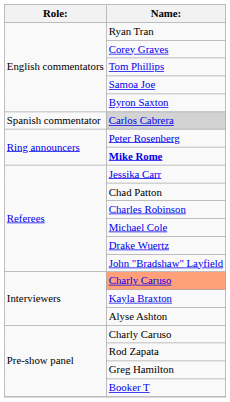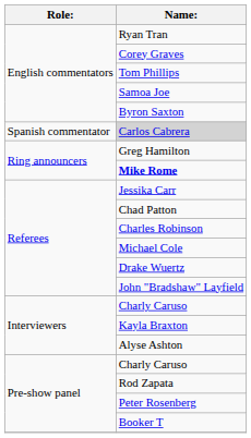 <table class=wikitable style="font-size:90%; margin: 0.5em 0 0.5em 1em; float: right; clear: right;">
 <tr>
 <th>Role:</th>
 <th>Name:</th>
 </tr>
 <tr>
 <td rowspan=5>English commentators</td>
 <td>Ryan Tran</td>
 </tr>
 <tr>
 <td><a href='#'>Corey Graves</a> </td>
 </tr>
 <tr>
 <td><a href='#'>Tom Phillips</a> </td>
 </tr>
 <tr>
 <td><a href='#'>Samoa Joe</a> </td>
 </tr>
 <tr>
 <td><a href='#'>Byron Saxton</a> </td>
 </tr>
 <tr>
 <td>Spanish commentator</td>
 <td style="background: lightgrey;"><a href='#'>Carlos Cabrera</a></td>
 </tr>
 <tr>
 <td rowspan=2><a href='#'>Ring announcers</a></td>
-<td><a href='#'>Peter Rosenberg</a></td>
+<td>Greg Hamilton </td>
 </tr>
 <tr>
 <td><strong><a href='#'>Mike Rome</a> </strong></td>
 </tr>
 <tr>
 <td rowspan=6><a href='#'>Referees</a></td>
 <td><a href='#'>Jessika Carr</a></td>
 </tr>
 <tr>
 <td>Chad Patton</td>
 </tr>
 <tr>
 <td><a href='#'>Charles Robinson</a></td>
 </tr>
 <tr>
 <td><a href='#'>Michael Cole</a> </td>
 </tr>
 <tr>
 <td><a href='#'>Drake Wuertz</a></td>
 </tr>
 <tr>
 <td><a href='#'>John "Bradshaw" Layfield</a></td>
 </tr>
 <tr>
 <td rowspan=3>Interviewers</td>
-<td style="background: lightsalmon;"><a href='#'>Charly Caruso</a></td>
+<td><a href='#'>Charly Caruso</a></td>
 </tr>
 <tr>
 <td><a href='#'>Kayla Braxton</a></td>
 </tr>
 <tr>
 <td>Alyse Ashton</td>
 </tr>
 <tr>
 <td rowspan="4">Pre-show panel</td>
 <td>Charly Caruso</td>
 </tr>
 <tr>
 <td>Rod Zapata</td>
 </tr>
 <tr>
-<td>Greg Hamilton </td>
+<td><a href='#'>Peter Rosenberg</a></td>
 </tr>
 <tr>
 <td><a href='#'>Booker T</a></td>
 </tr>
 <tr>
 </tr>
 </table>
